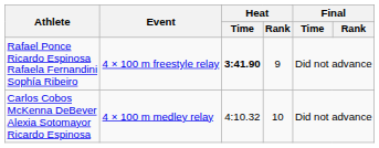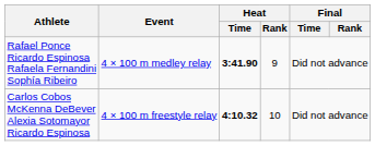 <table class=wikitable style=font-size:90%;text-align:center>
 <tr>
 <th rowspan=2>Athlete</th>
 <th rowspan=2>Event</th>
 <th colspan=2>Heat</th>
 <th colspan=2>Final</th>
 </tr>
 <tr style=font-size:95%>
 <th>Time</th>
 <th>Rank</th>
 <th>Time</th>
 <th>Rank</th>
 </tr>
 <tr>
 <td align=left><a href='#'>Rafael Ponce</a><br><a href='#'>Ricardo Espinosa</a><br><a href='#'>Rafaela Fernandini</a><br><a href='#'>Sophía Ribeiro</a></td>
-<td align=left><a href='#'>4 × 100 m freestyle relay</a></td>
+<td align=left><a href='#'>4 × 100 m medley relay</a></td>
 <td><strong>3:41.90</strong></td>
 <td>9</td>
 <td colspan=2>Did not advance</td>
 </tr>
 <tr>
 <td align=left><a href='#'>Carlos Cobos</a><br><a href='#'>McKenna DeBever</a><br><a href='#'>Alexia Sotomayor</a><br><a href='#'>Ricardo Espinosa</a></td>
-<td align=left><a href='#'>4 × 100 m medley relay</a></td>
-<td>4:10.32</td>
+<td align=left><a href='#'>4 × 100 m freestyle relay</a></td>
+<td><strong>4:10.32</strong></td>
 <td>10</td>
 <td colspan=2>Did not advance</td>
 </tr>
 </table>
